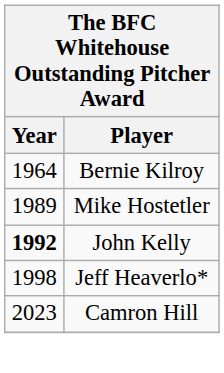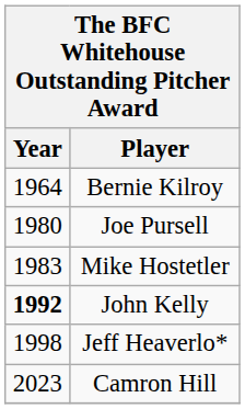 <table class="wikitable" style="display: inline-table; margin-right: 20px; text-align:center">
 <tr>
 <th scope="col" colspan="2" style="width: 145px;">The BFC Whitehouse Outstanding Pitcher Award</th>
 </tr>
 <tr>
 <th scope="col">Year</th>
 <th scope="col">Player</th>
 </tr>
 <tr>
 <td>1964</td>
 <td>Bernie Kilroy</td>
 </tr>
 <tr>
-<td>1989</td>
+<td>1980</td>
+<td>Joe Pursell</td>
+</tr>
+<tr>
+<td>1983</td>
 <td>Mike Hostetler</td>
 </tr>
 <tr>
 <td><strong>1992</strong></td>
 <td>John Kelly</td>
 </tr>
 <tr>
 <td>1998</td>
 <td>Jeff Heaverlo*</td>
 </tr>
 <tr>
 <td>2023</td>
 <td>Camron Hill</td>
 </tr>
 <tr>
 </tr>
 </table>
